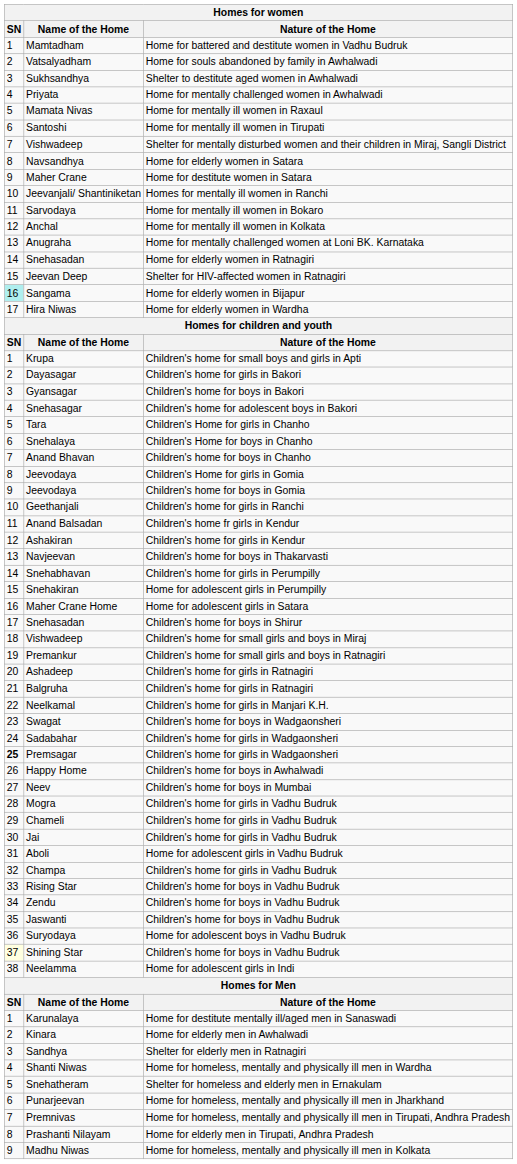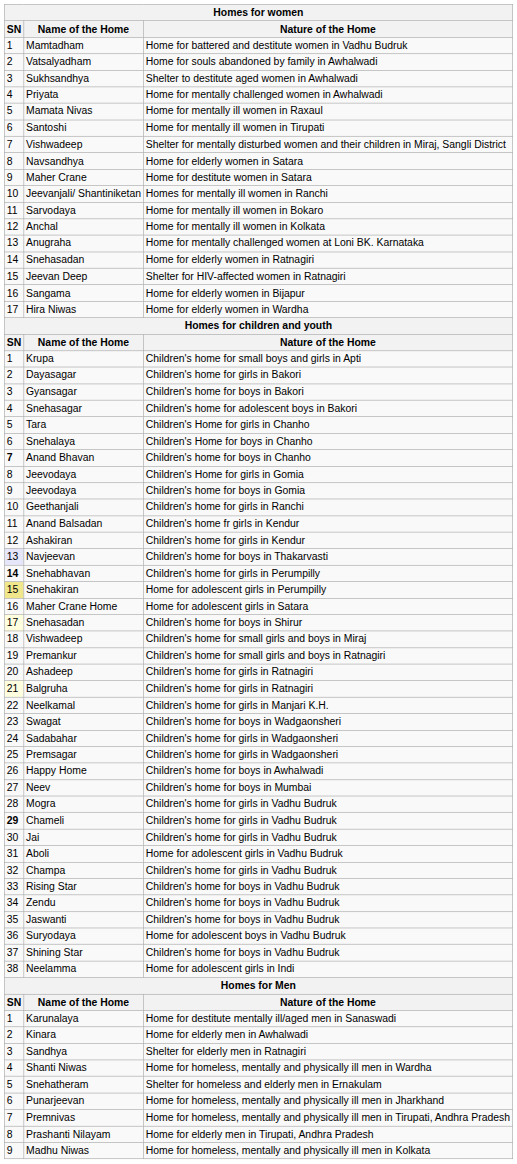 <table class="wikitable">
 <tr>
 <th colspan="3">Homes for women</th>
 </tr>
 <tr>
 <th>SN</th>
 <th>Name  of the Home</th>
 <th>Nature  of the Home</th>
 </tr>
 <tr>
 <td>1</td>
 <td>Mamtadham</td>
 <td>Home for battered and destitute women in Vadhu Budruk</td>
 </tr>
 <tr>
 <td>2</td>
 <td>Vatsalyadham</td>
 <td>Home for souls abandoned by family in Awhalwadi</td>
 </tr>
 <tr>
 <td>3</td>
 <td>Sukhsandhya</td>
 <td>Shelter to destitute aged women in Awhalwadi</td>
 </tr>
 <tr>
 <td>4</td>
 <td>Priyata</td>
 <td>Home for mentally challenged women in Awhalwadi</td>
 </tr>
 <tr>
 <td>5</td>
 <td>Mamata Nivas</td>
 <td>Home for mentally ill women in Raxaul</td>
 </tr>
 <tr>
 <td>6</td>
 <td>Santoshi</td>
 <td>Home for mentally ill women in Tirupati</td>
 </tr>
 <tr>
 <td>7</td>
 <td>Vishwadeep</td>
 <td>Shelter for mentally disturbed women and their children in Miraj, Sangli District</td>
 </tr>
 <tr>
 <td>8</td>
 <td>Navsandhya</td>
 <td>Home for elderly women in Satara</td>
 </tr>
 <tr>
 <td>9</td>
 <td>Maher Crane</td>
 <td>Home for destitute women in Satara</td>
 </tr>
 <tr>
 <td>10</td>
 <td>Jeevanjali/ Shantiniketan</td>
 <td>Homes for mentally ill women in Ranchi</td>
 </tr>
 <tr>
 <td>11</td>
 <td>Sarvodaya</td>
 <td>Home for mentally ill women in Bokaro</td>
 </tr>
 <tr>
 <td>12</td>
 <td>Anchal</td>
 <td>Home for mentally ill women in Kolkata</td>
 </tr>
 <tr>
 <td>13</td>
 <td>Anugraha</td>
 <td>Home for mentally challenged women at Loni BK. Karnataka</td>
 </tr>
 <tr>
 <td>14</td>
 <td>Snehasadan</td>
 <td>Home for elderly women in Ratnagiri</td>
 </tr>
 <tr>
 <td>15</td>
 <td>Jeevan Deep</td>
 <td>Shelter for HIV-affected women in Ratnagiri</td>
 </tr>
 <tr>
-<td style="background: paleturquoise;">16</td>
+<td>16</td>
 <td>Sangama</td>
 <td>Home for elderly women in Bijapur</td>
 </tr>
 <tr>
 <td>17</td>
 <td>Hira Niwas</td>
 <td>Home for elderly women in Wardha</td>
 </tr>
 <tr>
 <th colspan="3">Homes  for children and youth</th>
 </tr>
 <tr>
 <th>SN</th>
 <th>Name  of the Home</th>
 <th>Nature  of the Home</th>
 </tr>
 <tr>
 <td>1</td>
 <td>Krupa</td>
 <td>Children's home for small boys and girls in Apti</td>
 </tr>
 <tr>
 <td>2</td>
 <td>Dayasagar</td>
 <td>Children's home for girls in Bakori</td>
 </tr>
 <tr>
 <td>3</td>
 <td>Gyansagar</td>
 <td>Children's home  for boys in Bakori</td>
 </tr>
 <tr>
 <td>4</td>
 <td>Snehasagar</td>
 <td>Children's home for adolescent boys in Bakori</td>
 </tr>
 <tr>
 <td>5</td>
 <td>Tara</td>
 <td>Children's Home for girls in Chanho</td>
 </tr>
 <tr>
 <td>6</td>
 <td>Snehalaya</td>
 <td>Children's Home for boys in Chanho</td>
 </tr>
 <tr>
-<td>7</td>
+<td><strong>7</strong></td>
 <td>Anand Bhavan</td>
 <td>Children's home for boys in Chanho</td>
 </tr>
 <tr>
 <td>8</td>
 <td>Jeevodaya</td>
 <td>Children's Home for girls in Gomia</td>
 </tr>
 <tr>
 <td>9</td>
 <td>Jeevodaya</td>
 <td>Children's home for boys in Gomia</td>
 </tr>
 <tr>
 <td>10</td>
 <td>Geethanjali</td>
 <td>Children's home for girls in Ranchi</td>
 </tr>
 <tr>
 <td>11</td>
 <td>Anand Balsadan</td>
 <td>Children's home fr girls in Kendur</td>
 </tr>
 <tr>
 <td>12</td>
 <td>Ashakiran</td>
 <td>Children's home for girls in Kendur</td>
 </tr>
 <tr>
-<td>13</td>
+<td style="background: lavender;">13</td>
 <td>Navjeevan</td>
 <td>Children's home for boys in Thakarvasti</td>
 </tr>
 <tr>
-<td>14</td>
+<td><strong>14</strong></td>
 <td>Snehabhavan</td>
 <td>Children's home for girls in Perumpilly</td>
 </tr>
 <tr>
-<td>15</td>
+<td style="background: khaki;">15</td>
 <td>Snehakiran</td>
 <td>Home for adolescent girls in Perumpilly</td>
 </tr>
 <tr>
 <td>16</td>
 <td>Maher Crane Home</td>
 <td>Home for adolescent girls in Satara</td>
 </tr>
 <tr>
-<td>17</td>
+<td style="background: lightyellow;">17</td>
 <td>Snehasadan</td>
 <td>Children's home for boys in Shirur</td>
 </tr>
 <tr>
 <td>18</td>
 <td>Vishwadeep</td>
 <td>Children's home for small girls and boys in Miraj</td>
 </tr>
 <tr>
 <td>19</td>
 <td>Premankur</td>
 <td>Children's home for small girls and boys in Ratnagiri</td>
 </tr>
 <tr>
 <td>20</td>
 <td>Ashadeep</td>
 <td>Children's home for girls in Ratnagiri</td>
 </tr>
 <tr>
-<td>21</td>
+<td style="background: lightyellow;">21</td>
 <td>Balgruha</td>
 <td>Children's home for girls in Ratnagiri</td>
 </tr>
 <tr>
 <td>22</td>
 <td>Neelkamal</td>
 <td>Children's home for girls in Manjari K.H.</td>
 </tr>
 <tr>
 <td>23</td>
 <td>Swagat</td>
 <td>Children's home for boys in Wadgaonsheri</td>
 </tr>
 <tr>
 <td>24</td>
 <td>Sadabahar</td>
 <td>Children's home for girls in Wadgaonsheri</td>
 </tr>
 <tr>
-<td><strong>25</strong></td>
+<td>25</td>
 <td>Premsagar</td>
 <td>Children's home for girls in Wadgaonsheri</td>
 </tr>
 <tr>
 <td>26</td>
 <td>Happy Home</td>
 <td>Children's home for boys in Awhalwadi</td>
 </tr>
 <tr>
 <td>27</td>
 <td>Neev</td>
 <td>Children's home for boys in Mumbai</td>
 </tr>
 <tr>
 <td>28</td>
 <td>Mogra</td>
 <td>Children's home for girls in Vadhu Budruk</td>
 </tr>
 <tr>
-<td>29</td>
+<td><strong>29</strong></td>
 <td>Chameli</td>
 <td>Children's home for girls in Vadhu Budruk</td>
 </tr>
 <tr>
 <td>30</td>
 <td>Jai</td>
 <td>Children's home for girls in Vadhu Budruk</td>
 </tr>
 <tr>
 <td>31</td>
 <td>Aboli</td>
 <td>Home for adolescent girls in Vadhu Budruk</td>
 </tr>
 <tr>
 <td>32</td>
 <td>Champa</td>
 <td>Children's home for girls in Vadhu Budruk</td>
 </tr>
 <tr>
 <td>33</td>
 <td>Rising Star</td>
 <td>Children's home for boys in Vadhu Budruk</td>
 </tr>
 <tr>
 <td>34</td>
 <td>Zendu</td>
 <td>Children's home for boys in Vadhu Budruk</td>
 </tr>
 <tr>
 <td>35</td>
 <td>Jaswanti</td>
 <td>Children's home for boys in Vadhu Budruk</td>
 </tr>
 <tr>
 <td>36</td>
 <td>Suryodaya</td>
 <td>Home for adolescent boys in Vadhu Budruk</td>
 </tr>
 <tr>
-<td style="background: lightyellow;">37</td>
+<td>37</td>
 <td>Shining Star</td>
 <td>Children's home for boys in Vadhu Budruk</td>
 </tr>
 <tr>
 <td>38</td>
 <td>Neelamma</td>
 <td>Home for adolescent girls in Indi</td>
 </tr>
 <tr>
 <th colspan="3">Homes  for Men</th>
 </tr>
 <tr>
 <th>SN</th>
 <th>Name  of the Home</th>
 <th>Nature  of the Home</th>
 </tr>
 <tr>
 <td>1</td>
 <td>Karunalaya</td>
 <td>Home for destitute mentally ill/aged men in Sanaswadi</td>
 </tr>
 <tr>
 <td>2</td>
 <td>Kinara</td>
 <td>Home for elderly men in Awhalwadi</td>
 </tr>
 <tr>
 <td>3</td>
 <td>Sandhya</td>
 <td>Shelter for elderly men in Ratnagiri</td>
 </tr>
 <tr>
 <td>4</td>
 <td>Shanti Niwas</td>
 <td>Home for homeless, mentally and physically ill men in Wardha</td>
 </tr>
 <tr>
 <td>5</td>
 <td>Snehatheram</td>
 <td>Shelter for homeless and elderly men in Ernakulam</td>
 </tr>
 <tr>
 <td>6</td>
 <td>Punarjeevan</td>
 <td>Home for homeless, mentally and physically ill men in Jharkhand</td>
 </tr>
 <tr>
 <td>7</td>
 <td>Premnivas</td>
 <td>Home for homeless, mentally and physically ill men in Tirupati, Andhra Pradesh</td>
 </tr>
 <tr>
 <td>8</td>
 <td>Prashanti Nilayam</td>
 <td>Home for elderly men in Tirupati, Andhra Pradesh</td>
 </tr>
 <tr>
 <td>9</td>
 <td>Madhu Niwas</td>
 <td>Home for homeless, mentally and physically ill men in Kolkata</td>
 </tr>
 </table>
